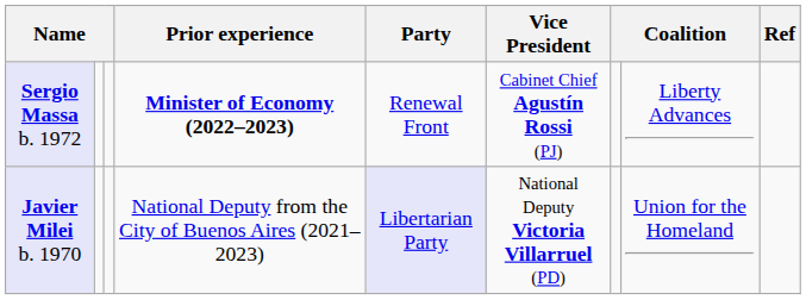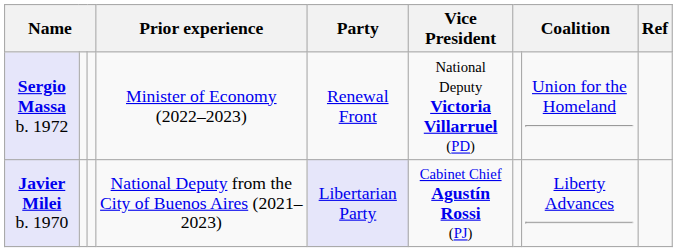 <table class="wikitable sortable" style="text-align:center;">
 <tr>
 <th scope="col" colspan=3>Name<br></th>
 <th class="unsortable">Prior experience</th>
 <th>Party</th>
 <th>Vice President</th>
 <th scope="col" colspan=2>Coalition</th>
 <th>Ref</th>
 </tr>
 <tr>
 <td style="background:lavender;" data-sort-value="Massa, Sergio"><strong><a href='#'>Sergio Massa</a></strong><br>b. 1972 </td>
 <td></td>
 <td style="background:"></td>
-<td><strong><a href='#'>Minister of Economy</a> (2022–2023)<br></strong></td>
+<td><a href='#'>Minister of Economy</a> (2022–2023)<br></td>
 <td> <a href='#'>Renewal Front</a></td>
-<td><small><a href='#'>Cabinet Chief</a></small><br><strong><a href='#'>Agustín Rossi</a></strong><br><small>(<a href='#'>PJ</a>)</small></td>
+<td><small>National Deputy</small><br><strong><a href='#'>Victoria Villarruel</a></strong><br><small>(<a href='#'>PD</a>)</small></td>
 <td style="background:"></td>
-<td> <a href='#'>Liberty Advances</a><hr></td>
+<td> <a href='#'>Union for the Homeland</a><hr></td>
 <td></td>
 </tr>
 <tr>
 <td style="background:lavender;" data-sort-value="Milei, Javier"><strong><a href='#'>Javier Milei</a></strong><br>b. 1970 </td>
 <td></td>
 <td style="background:"></td>
 <td><a href='#'>National Deputy</a> from the <a href='#'>City of Buenos Aires</a> (2021–2023)</td>
 <td style="background: lavender;"> <a href='#'>Libertarian Party</a></td>
-<td><small>National Deputy</small><br><strong><a href='#'>Victoria Villarruel</a></strong><br><small>(<a href='#'>PD</a>)</small></td>
+<td><small><a href='#'>Cabinet Chief</a></small><br><strong><a href='#'>Agustín Rossi</a></strong><br><small>(<a href='#'>PJ</a>)</small></td>
 <td style="background:"></td>
-<td> <a href='#'>Union for the Homeland</a><hr></td>
+<td> <a href='#'>Liberty Advances</a><hr></td>
 <td></td>
 </tr>
 </table>
